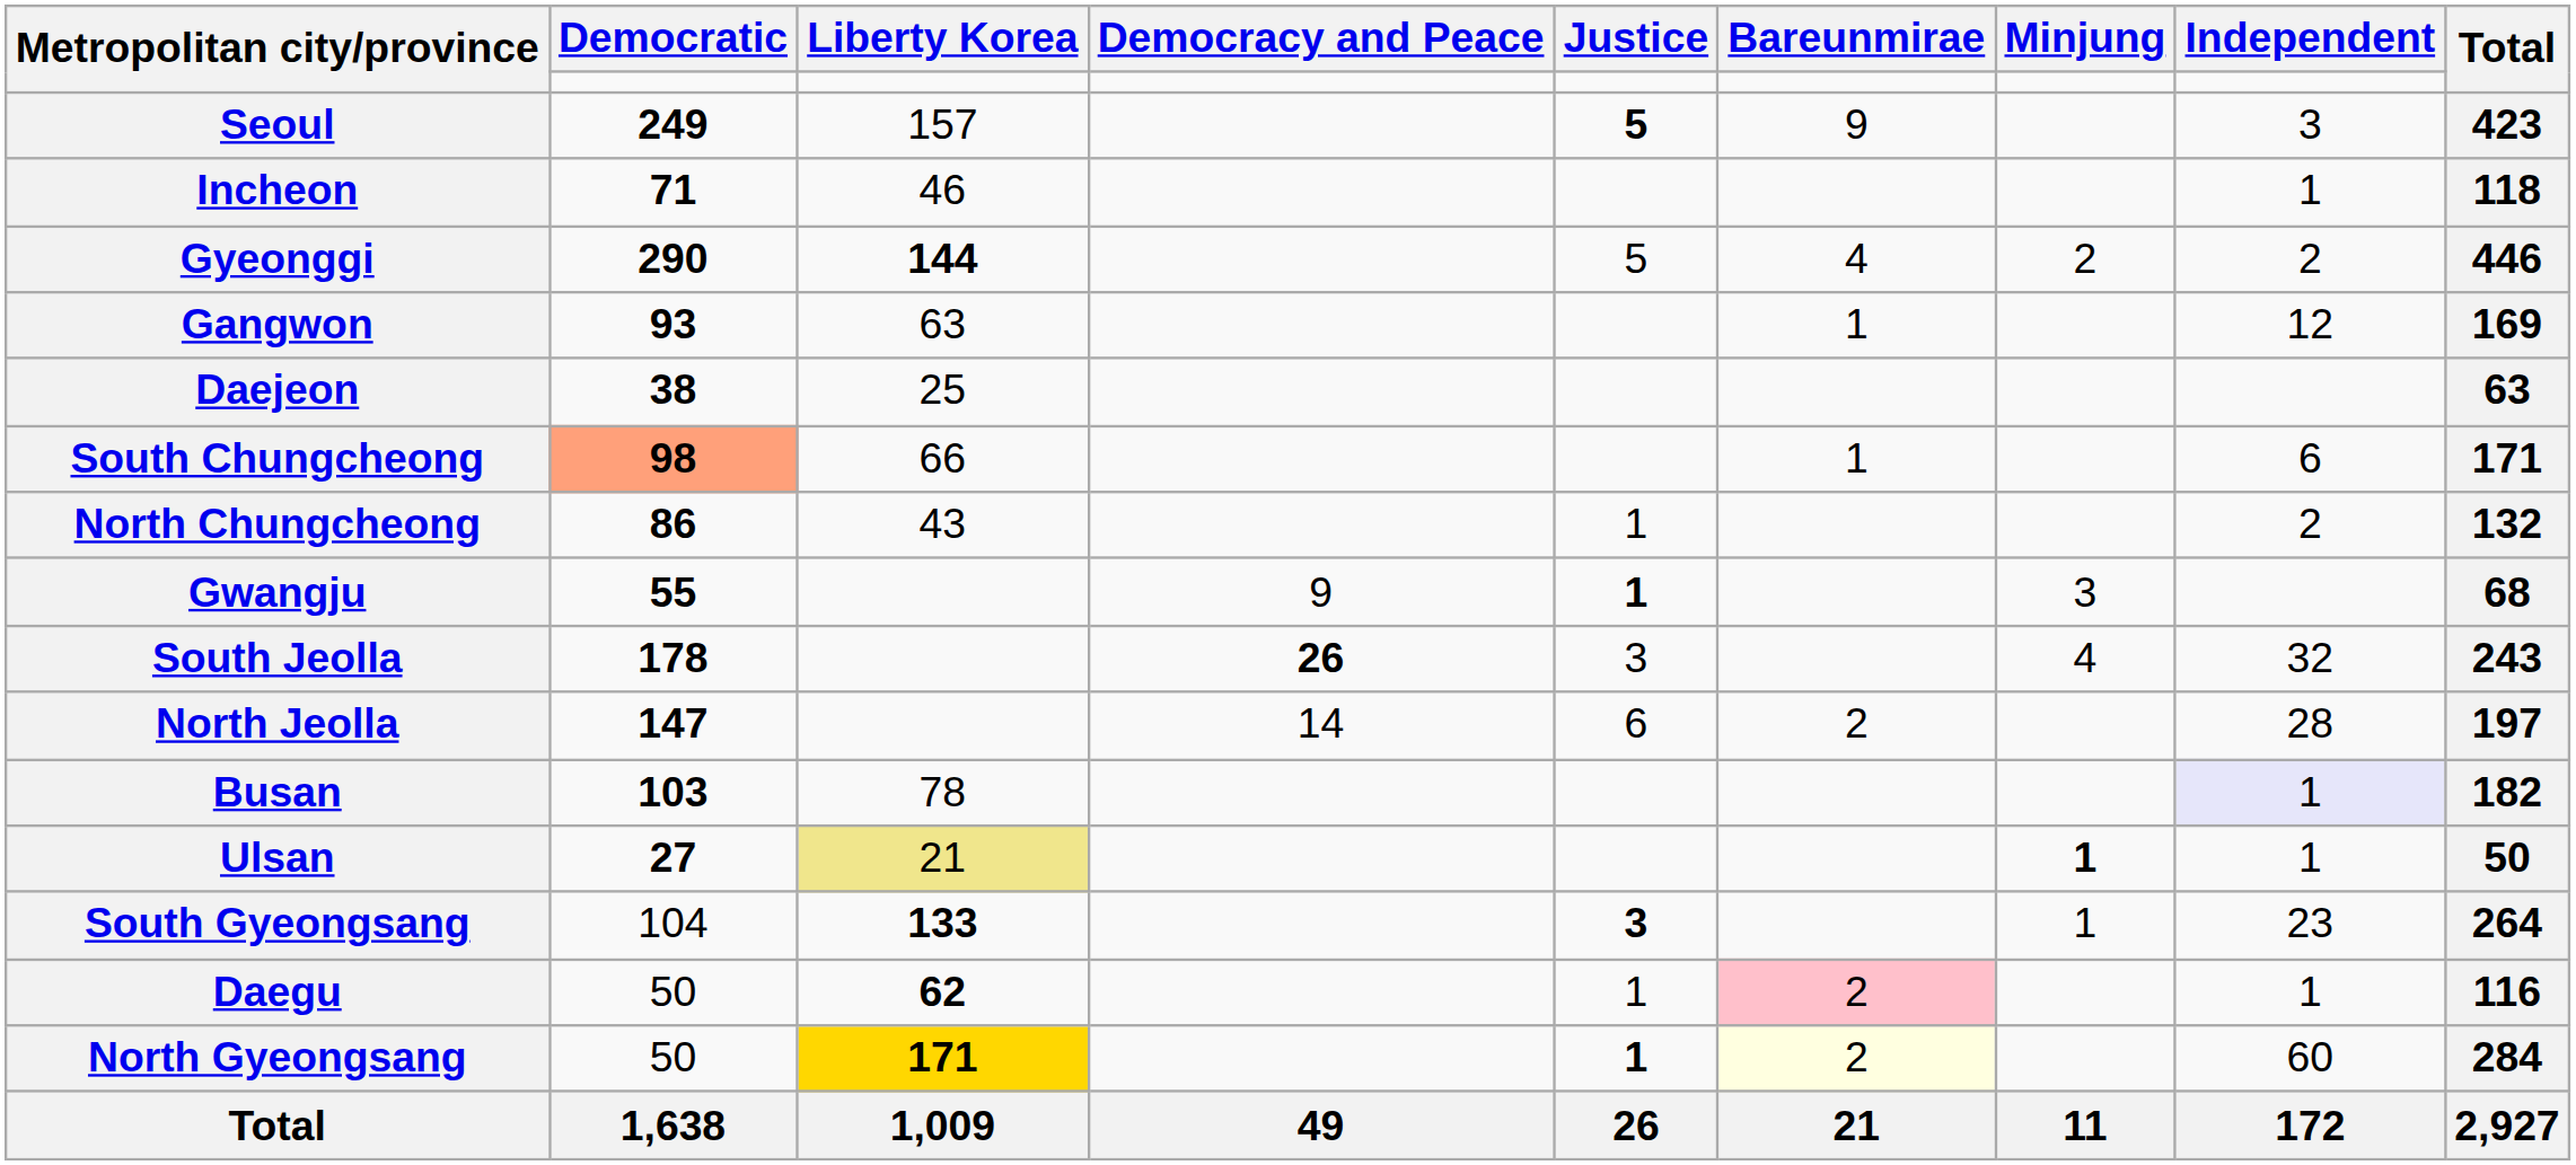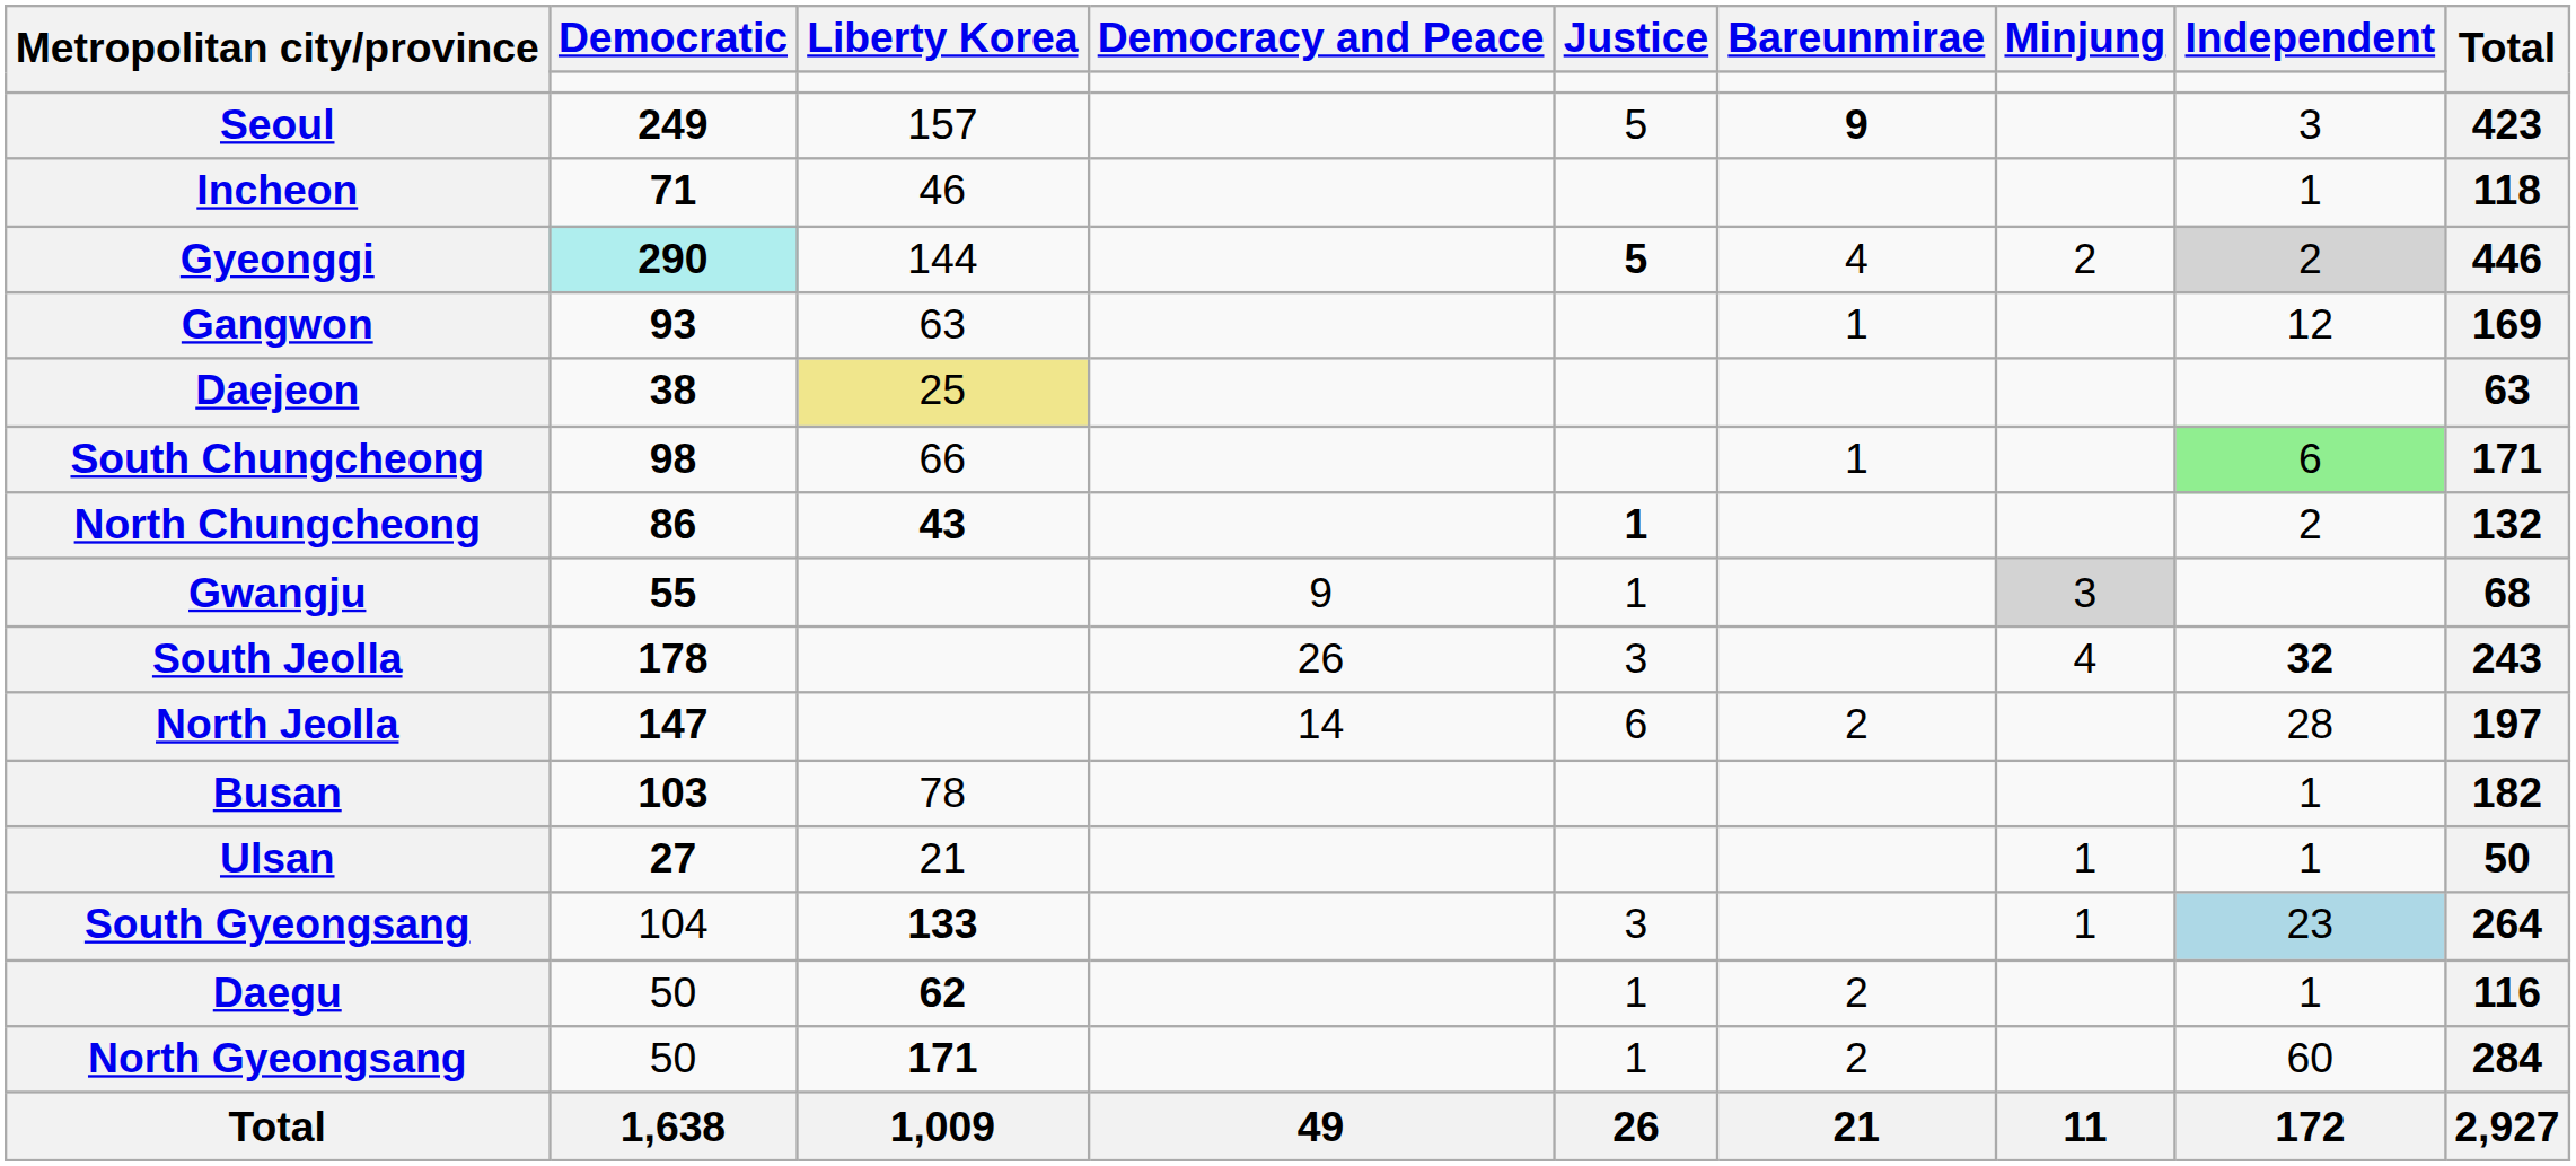 <table class="wikitable" style="text-align:center;">
 <tr>
 <th rowspan="2">Metropolitan city/province</th>
 <th><a href='#'>Democratic</a></th>
 <th><a href='#'>Liberty Korea</a></th>
 <th><a href='#'>Democracy and Peace</a></th>
 <th><a href='#'>Justice</a></th>
 <th><a href='#'>Bareunmirae</a></th>
 <th><a href='#'>Minjung</a></th>
 <th><a href='#'>Independent</a></th>
 <th rowspan="2">Total</th>
 </tr>
 <tr>
 <td style="background:"></td>
 <td style="background:"></td>
 <td style="background:"></td>
 <td style="background:"></td>
 <td style="background:"></td>
 <td style="background:"></td>
 <td style="background:"></td>
 </tr>
 <tr>
 <th><a href='#'>Seoul</a></th>
 <td><strong>249</strong></td>
 <td>157</td>
 <td></td>
-<td><strong>5</strong></td>
-<td>9</td>
+<td>5</td>
+<td><strong>9</strong></td>
 <td></td>
 <td>3</td>
 <th>423</th>
 </tr>
 <tr>
 <th><a href='#'>Incheon</a></th>
 <td><strong>71</strong></td>
 <td>46</td>
 <td></td>
 <td></td>
 <td></td>
 <td></td>
 <td>1</td>
 <th>118</th>
 </tr>
 <tr>
 <th><a href='#'>Gyeonggi</a></th>
-<td><strong>290</strong></td>
-<td><strong>144</strong></td>
+<td style="background: paleturquoise;"><strong>290</strong></td>
+<td>144</td>
 <td></td>
-<td>5</td>
+<td><strong>5</strong></td>
 <td>4</td>
 <td>2</td>
-<td>2</td>
+<td style="background: lightgrey;">2</td>
 <th>446</th>
 </tr>
 <tr>
 <th><a href='#'>Gangwon</a></th>
 <td><strong>93</strong></td>
 <td>63</td>
 <td></td>
 <td></td>
 <td>1</td>
 <td></td>
 <td>12</td>
 <th>169</th>
 </tr>
 <tr>
 <th><a href='#'>Daejeon</a></th>
 <td><strong>38</strong></td>
-<td>25</td>
+<td style="background: khaki;">25</td>
 <td></td>
 <td></td>
 <td></td>
 <td></td>
 <td></td>
 <th>63</th>
 </tr>
 <tr>
 <th><a href='#'>South Chungcheong</a></th>
-<td style="background: lightsalmon;"><strong>98</strong></td>
+<td><strong>98</strong></td>
 <td>66</td>
 <td></td>
 <td></td>
 <td>1</td>
 <td></td>
-<td>6</td>
+<td style="background: lightgreen;">6</td>
 <th>171</th>
 </tr>
 <tr>
 <th><a href='#'>North Chungcheong</a></th>
 <td><strong>86</strong></td>
-<td>43</td>
+<td><strong>43</strong></td>
 <td></td>
-<td>1</td>
+<td><strong>1</strong></td>
 <td></td>
 <td></td>
 <td>2</td>
 <th>132</th>
 </tr>
 <tr>
 <th><a href='#'>Gwangju</a></th>
 <td><strong>55</strong></td>
 <td></td>
 <td>9</td>
-<td><strong>1</strong></td>
+<td>1</td>
 <td></td>
-<td>3</td>
+<td style="background: lightgrey;">3</td>
 <td></td>
 <th>68</th>
 </tr>
 <tr>
 <th><a href='#'>South Jeolla</a></th>
 <td><strong>178</strong></td>
 <td></td>
-<td><strong>26</strong></td>
+<td>26</td>
 <td>3</td>
 <td></td>
 <td>4</td>
-<td>32</td>
+<td><strong>32</strong></td>
 <th>243</th>
 </tr>
 <tr>
 <th><a href='#'>North Jeolla</a></th>
 <td><strong>147</strong></td>
 <td></td>
 <td>14</td>
 <td>6</td>
 <td>2</td>
 <td></td>
 <td>28</td>
 <th>197</th>
 </tr>
 <tr>
 <th><a href='#'>Busan</a></th>
 <td><strong>103</strong></td>
 <td>78</td>
 <td></td>
 <td></td>
 <td></td>
 <td></td>
-<td style="background: lavender;">1</td>
+<td>1</td>
 <th>182</th>
 </tr>
 <tr>
 <th><a href='#'>Ulsan</a></th>
 <td><strong>27</strong></td>
-<td style="background: khaki;">21</td>
+<td>21</td>
 <td></td>
 <td></td>
 <td></td>
-<td><strong>1</strong></td>
+<td>1</td>
 <td>1</td>
 <th>50</th>
 </tr>
 <tr>
 <th><a href='#'>South Gyeongsang</a></th>
 <td>104</td>
 <td><strong>133</strong></td>
 <td></td>
-<td><strong>3</strong></td>
+<td>3</td>
 <td></td>
 <td>1</td>
-<td>23</td>
+<td style="background: lightblue;">23</td>
 <th>264</th>
 </tr>
 <tr>
 <th><a href='#'>Daegu</a></th>
 <td>50</td>
 <td><strong>62</strong></td>
 <td></td>
 <td>1</td>
-<td style="background: pink;">2</td>
+<td>2</td>
 <td></td>
 <td>1</td>
 <th>116</th>
 </tr>
 <tr>
 <th><a href='#'>North Gyeongsang</a></th>
 <td>50</td>
-<td style="background: gold;"><strong>171</strong></td>
+<td><strong>171</strong></td>
 <td></td>
-<td><strong>1</strong></td>
-<td style="background: lightyellow;">2</td>
+<td>1</td>
+<td>2</td>
 <td></td>
 <td>60</td>
 <th>284</th>
 </tr>
 <tr>
 <th>Total</th>
 <th>1,638</th>
 <th>1,009</th>
 <th>49</th>
 <th>26</th>
 <th>21</th>
 <th>11</th>
 <th>172</th>
 <th colspan="2">2,927</th>
 </tr>
 </table>
